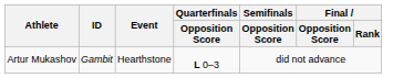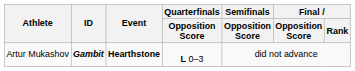 <table class=wikitable style="font-size:90%; text-align:center;">
 <tr>
 <th rowspan=2>Athlete</th>
 <th rowspan=2>ID</th>
 <th rowspan=2>Event</th>
 <th>Quarterfinals</th>
 <th>Semifinals</th>
 <th colspan=2>Final / </th>
 </tr>
 <tr>
 <th>Opposition<br>Score</th>
 <th>Opposition<br>Score</th>
 <th>Opposition<br>Score</th>
 <th>Rank</th>
 </tr>
 <tr>
 <td align=left>Artur Mukashov</td>
-<td align=left><em>Gambit</em></td>
-<td align=left>Hearthstone</td>
+<td align=left><strong><em>Gambit</em></strong></td>
+<td align=left><strong>Hearthstone</strong></td>
 <td><br><strong>L</strong> 0–3</td>
 <td colspan=3>did not advance</td>
 </tr>
 </table>
